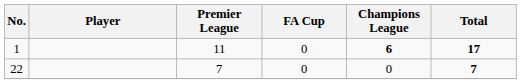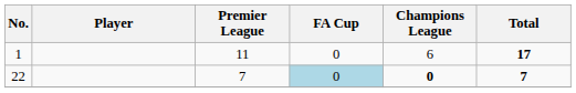 <table class="wikitable sortable alternance" ; style="text-align:center; ">
 <tr>
 <th width=10>No.</th>
 <th scope="col" style="width:180px;">Player</th>
 <th width=100>Premier League</th>
 <th width=100>FA Cup</th>
 <th width=100>Champions League</th>
 <th width=100>Total</th>
 </tr>
 <tr>
 <td>1</td>
 <td align=left> </td>
 <td>11</td>
 <td>0</td>
-<td><strong>6</strong></td>
+<td>6</td>
 <td><strong>17</strong></td>
 </tr>
 <tr>
 <td>22</td>
 <td align=left> </td>
 <td>7</td>
-<td>0</td>
-<td>0</td>
+<td style="background: lightblue;">0</td>
+<td><strong>0</strong></td>
 <td><strong>7</strong></td>
 </tr>
 <tr>
 </tr>
 </table>
